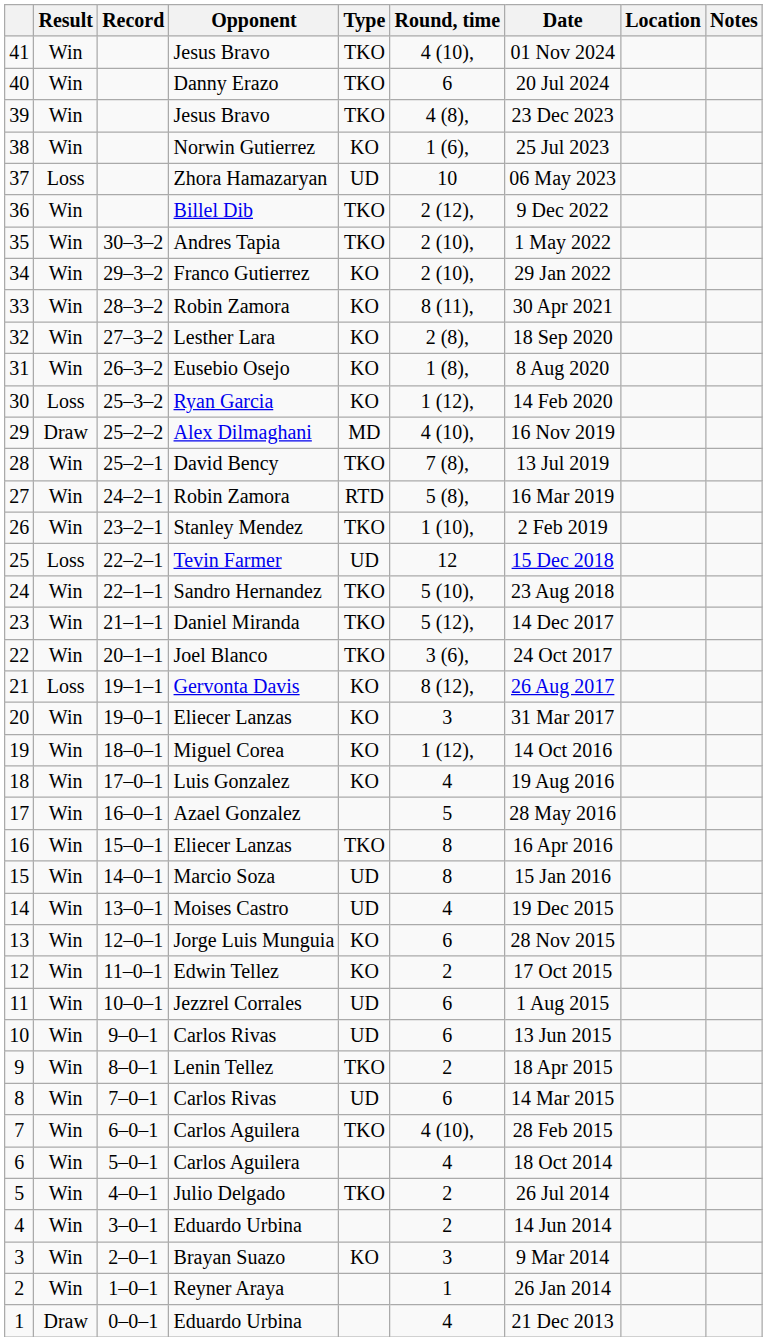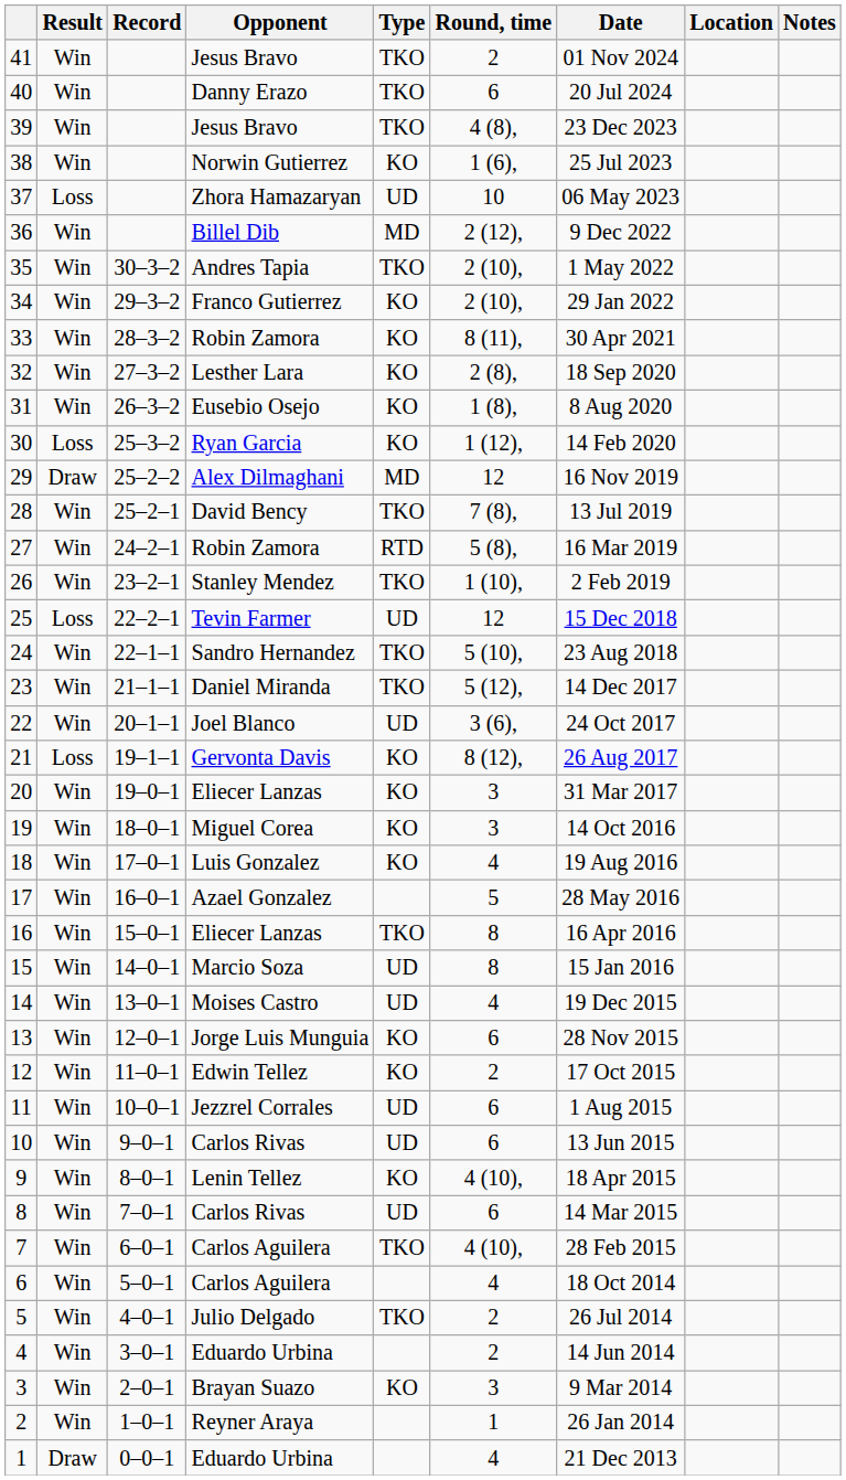 <table class="wikitable" style="text-align:center">
 <tr>
 <th></th>
 <th>Result</th>
 <th>Record</th>
 <th>Opponent</th>
 <th>Type</th>
 <th>Round, time</th>
 <th>Date</th>
 <th>Location</th>
 <th>Notes</th>
 </tr>
 <tr>
 <td>41</td>
 <td>Win</td>
 <td></td>
 <td align=left>Jesus Bravo</td>
 <td>TKO</td>
-<td>4 (10), </td>
+<td>2</td>
 <td>01 Nov 2024</td>
 <td align=left></td>
 <td align=left></td>
 </tr>
 <tr>
 <td>40</td>
 <td>Win</td>
 <td></td>
 <td align=left>Danny Erazo</td>
 <td>TKO</td>
 <td>6</td>
 <td>20 Jul 2024</td>
 <td align=left></td>
 <td align=left></td>
 </tr>
 <tr>
 <td>39</td>
 <td>Win</td>
 <td></td>
 <td align=left>Jesus Bravo</td>
 <td>TKO</td>
 <td>4 (8), </td>
 <td>23 Dec 2023</td>
 <td align=left></td>
 <td align=left></td>
 </tr>
 <tr>
 <td>38</td>
 <td>Win</td>
 <td></td>
 <td align=left>Norwin Gutierrez</td>
 <td>KO</td>
 <td>1 (6), </td>
 <td>25 Jul 2023</td>
 <td align=left></td>
 <td align=left></td>
 </tr>
 <tr>
 <td>37</td>
 <td>Loss</td>
 <td></td>
 <td align=left>Zhora Hamazaryan</td>
 <td>UD</td>
 <td>10</td>
 <td>06 May 2023</td>
 <td align=left></td>
 <td align=left></td>
 </tr>
 <tr>
 <td>36</td>
 <td>Win</td>
 <td></td>
 <td align=left><a href='#'>Billel Dib</a></td>
-<td>TKO</td>
+<td>MD</td>
 <td>2 (12), </td>
 <td>9 Dec 2022</td>
 <td align=left></td>
 <td align=left></td>
 </tr>
 <tr>
 <td>35</td>
 <td>Win</td>
 <td>30–3–2</td>
 <td align=left>Andres Tapia</td>
 <td>TKO</td>
 <td>2 (10), </td>
 <td>1 May 2022</td>
 <td align=left></td>
 <td align=left></td>
 </tr>
 <tr>
 <td>34</td>
 <td>Win</td>
 <td>29–3–2</td>
 <td align=left>Franco Gutierrez</td>
 <td>KO</td>
 <td>2 (10), </td>
 <td>29 Jan 2022</td>
 <td align=left></td>
 <td align=left></td>
 </tr>
 <tr>
 <td>33</td>
 <td>Win</td>
 <td>28–3–2</td>
 <td align=left>Robin Zamora</td>
 <td>KO</td>
 <td>8 (11), </td>
 <td>30 Apr 2021</td>
 <td align=left></td>
 <td align=left></td>
 </tr>
 <tr>
 <td>32</td>
 <td>Win</td>
 <td>27–3–2</td>
 <td align=left>Lesther Lara</td>
 <td>KO</td>
 <td>2 (8), </td>
 <td>18 Sep 2020</td>
 <td align=left></td>
 <td></td>
 </tr>
 <tr>
 <td>31</td>
 <td>Win</td>
 <td>26–3–2</td>
 <td align=left>Eusebio Osejo</td>
 <td>KO</td>
 <td>1 (8), </td>
 <td>8 Aug 2020</td>
 <td align=left></td>
 <td></td>
 </tr>
 <tr>
 <td>30</td>
 <td>Loss</td>
 <td>25–3–2</td>
 <td align=left><a href='#'>Ryan Garcia</a></td>
 <td>KO</td>
 <td>1 (12), </td>
 <td>14 Feb 2020</td>
 <td align=left></td>
 <td align=left></td>
 </tr>
 <tr>
 <td>29</td>
 <td>Draw</td>
 <td>25–2–2</td>
 <td align=left><a href='#'>Alex Dilmaghani</a></td>
 <td>MD</td>
-<td>4 (10), </td>
+<td>12</td>
 <td>16 Nov 2019</td>
 <td align=left></td>
 <td align=left></td>
 </tr>
 <tr>
 <td>28</td>
 <td>Win</td>
 <td>25–2–1</td>
 <td align=left>David Bency</td>
 <td>TKO</td>
 <td>7 (8), </td>
 <td>13 Jul 2019</td>
 <td align=left></td>
 <td></td>
 </tr>
 <tr>
 <td>27</td>
 <td>Win</td>
 <td>24–2–1</td>
 <td align=left>Robin Zamora</td>
 <td>RTD</td>
 <td>5 (8), </td>
 <td>16 Mar 2019</td>
 <td align=left></td>
 <td></td>
 </tr>
 <tr>
 <td>26</td>
 <td>Win</td>
 <td>23–2–1</td>
 <td align=left>Stanley Mendez</td>
 <td>TKO</td>
 <td>1 (10), </td>
 <td>2 Feb 2019</td>
 <td align=left></td>
 <td></td>
 </tr>
 <tr>
 <td>25</td>
 <td>Loss</td>
 <td>22–2–1</td>
 <td align=left><a href='#'>Tevin Farmer</a></td>
 <td>UD</td>
 <td>12</td>
 <td><a href='#'>15 Dec 2018</a></td>
 <td align=left></td>
 <td align=left></td>
 </tr>
 <tr>
 <td>24</td>
 <td>Win</td>
 <td>22–1–1</td>
 <td align=left>Sandro Hernandez</td>
 <td>TKO</td>
 <td>5 (10), </td>
 <td>23 Aug 2018</td>
 <td align=left></td>
 <td align=left></td>
 </tr>
 <tr>
 <td>23</td>
 <td>Win</td>
 <td>21–1–1</td>
 <td align=left>Daniel Miranda</td>
 <td>TKO</td>
 <td>5 (12), </td>
 <td>14 Dec 2017</td>
 <td align=left></td>
 <td align=left></td>
 </tr>
 <tr>
 <td>22</td>
 <td>Win</td>
 <td>20–1–1</td>
 <td align=left>Joel Blanco</td>
-<td>TKO</td>
+<td>UD</td>
 <td>3 (6), </td>
 <td>24 Oct 2017</td>
 <td align=left></td>
 <td align=left></td>
 </tr>
 <tr>
 <td>21</td>
 <td>Loss</td>
 <td>19–1–1</td>
 <td align=left><a href='#'>Gervonta Davis</a></td>
 <td>KO</td>
 <td>8 (12), </td>
 <td><a href='#'>26 Aug 2017</a></td>
 <td align=left></td>
 <td align=left></td>
 </tr>
 <tr>
 <td>20</td>
 <td>Win</td>
 <td>19–0–1</td>
 <td align=left>Eliecer Lanzas</td>
 <td>KO</td>
 <td>3</td>
 <td>31 Mar 2017</td>
 <td align=left></td>
 <td align=left></td>
 </tr>
 <tr>
 <td>19</td>
 <td>Win</td>
 <td>18–0–1</td>
 <td align=left>Miguel Corea</td>
 <td>KO</td>
-<td>1 (12), </td>
+<td>3</td>
 <td>14 Oct 2016</td>
 <td align=left></td>
 <td align=left></td>
 </tr>
 <tr>
 <td>18</td>
 <td>Win</td>
 <td>17–0–1</td>
 <td align=left>Luis Gonzalez</td>
 <td>KO</td>
 <td>4</td>
 <td>19 Aug 2016</td>
 <td align=left></td>
 <td align=left></td>
 </tr>
 <tr>
 <td>17</td>
 <td>Win</td>
 <td>16–0–1</td>
 <td align=left>Azael Gonzalez</td>
 <td></td>
 <td>5</td>
 <td>28 May 2016</td>
 <td align=left></td>
 <td align=left></td>
 </tr>
 <tr>
 <td>16</td>
 <td>Win</td>
 <td>15–0–1</td>
 <td align=left>Eliecer Lanzas</td>
 <td>TKO</td>
 <td>8</td>
 <td>16 Apr 2016</td>
 <td align=left></td>
 <td align=left></td>
 </tr>
 <tr>
 <td>15</td>
 <td>Win</td>
 <td>14–0–1</td>
 <td align=left>Marcio Soza</td>
 <td>UD</td>
 <td>8</td>
 <td>15 Jan 2016</td>
 <td align=left></td>
 <td align=left></td>
 </tr>
 <tr>
 <td>14</td>
 <td>Win</td>
 <td>13–0–1</td>
 <td align=left>Moises Castro</td>
 <td>UD</td>
 <td>4</td>
 <td>19 Dec 2015</td>
 <td align=left></td>
 <td align=left></td>
 </tr>
 <tr>
 <td>13</td>
 <td>Win</td>
 <td>12–0–1</td>
 <td align=left>Jorge Luis Munguia</td>
 <td>KO</td>
 <td>6</td>
 <td>28 Nov 2015</td>
 <td align=left></td>
 <td align=left></td>
 </tr>
 <tr>
 <td>12</td>
 <td>Win</td>
 <td>11–0–1</td>
 <td align=left>Edwin Tellez</td>
 <td>KO</td>
 <td>2</td>
 <td>17 Oct 2015</td>
 <td align=left></td>
 <td align=left></td>
 </tr>
 <tr>
 <td>11</td>
 <td>Win</td>
 <td>10–0–1</td>
 <td align=left>Jezzrel Corrales</td>
 <td>UD</td>
 <td>6</td>
 <td>1 Aug 2015</td>
 <td align=left></td>
 <td align=left></td>
 </tr>
 <tr>
 <td>10</td>
 <td>Win</td>
 <td>9–0–1</td>
 <td align=left>Carlos Rivas</td>
 <td>UD</td>
 <td>6</td>
 <td>13 Jun 2015</td>
 <td align=left></td>
 <td align=left></td>
 </tr>
 <tr>
 <td>9</td>
 <td>Win</td>
 <td>8–0–1</td>
 <td align=left>Lenin Tellez</td>
-<td>TKO</td>
-<td>2</td>
+<td>KO</td>
+<td>4 (10), </td>
 <td>18 Apr 2015</td>
 <td align=left></td>
 <td align=left></td>
 </tr>
 <tr>
 <td>8</td>
 <td>Win</td>
 <td>7–0–1</td>
 <td align=left>Carlos Rivas</td>
 <td>UD</td>
 <td>6</td>
 <td>14 Mar 2015</td>
 <td align=left></td>
 <td align=left></td>
 </tr>
 <tr>
 <td>7</td>
 <td>Win</td>
 <td>6–0–1</td>
 <td align=left>Carlos Aguilera</td>
 <td>TKO</td>
 <td>4 (10), </td>
 <td>28 Feb 2015</td>
 <td align=left></td>
 <td align=left></td>
 </tr>
 <tr>
 <td>6</td>
 <td>Win</td>
 <td>5–0–1</td>
 <td align=left>Carlos Aguilera</td>
 <td></td>
 <td>4</td>
 <td>18 Oct 2014</td>
 <td align=left></td>
 <td align=left></td>
 </tr>
 <tr>
 <td>5</td>
 <td>Win</td>
 <td>4–0–1</td>
 <td align=left>Julio Delgado</td>
 <td>TKO</td>
 <td>2</td>
 <td>26 Jul 2014</td>
 <td align=left></td>
 <td align=left></td>
 </tr>
 <tr>
 <td>4</td>
 <td>Win</td>
 <td>3–0–1</td>
 <td align=left>Eduardo Urbina</td>
 <td></td>
 <td>2</td>
 <td>14 Jun 2014</td>
 <td align=left></td>
 <td align=left></td>
 </tr>
 <tr>
 <td>3</td>
 <td>Win</td>
 <td>2–0–1</td>
 <td align=left>Brayan Suazo</td>
 <td>KO</td>
 <td>3</td>
 <td>9 Mar 2014</td>
 <td align=left></td>
 <td align=left></td>
 </tr>
 <tr>
 <td>2</td>
 <td>Win</td>
 <td>1–0–1</td>
 <td align=left>Reyner Araya</td>
 <td></td>
 <td>1</td>
 <td>26 Jan 2014</td>
 <td align=left></td>
 <td align=left></td>
 </tr>
 <tr>
 <td>1</td>
 <td>Draw</td>
 <td>0–0–1</td>
 <td align=left>Eduardo Urbina</td>
 <td></td>
 <td>4</td>
 <td>21 Dec 2013</td>
 <td align=left></td>
 <td></td>
 </tr>
 </table>
